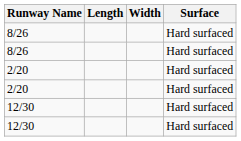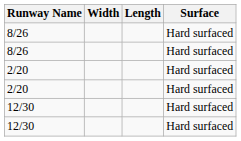 <table class="wikitable">
 <tr>
 <th>Runway Name</th>
+<th>Width</th>
 <th>Length</th>
-<th>Width</th>
 <th>Surface</th>
 </tr>
 <tr>
 <td>8/26</td>
 <td></td>
 <td></td>
 <td>Hard surfaced</td>
 </tr>
 <tr>
 <td>8/26</td>
 <td></td>
 <td></td>
 <td>Hard surfaced</td>
 </tr>
 <tr>
 <td>2/20</td>
 <td></td>
 <td></td>
 <td>Hard surfaced</td>
 </tr>
 <tr>
 <td>2/20</td>
 <td></td>
 <td></td>
 <td>Hard surfaced</td>
 </tr>
 <tr>
 <td>12/30</td>
 <td></td>
 <td></td>
 <td>Hard surfaced</td>
 </tr>
 <tr>
 <td>12/30</td>
 <td></td>
 <td></td>
 <td>Hard surfaced</td>
 </tr>
 </table>
